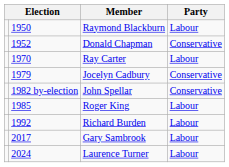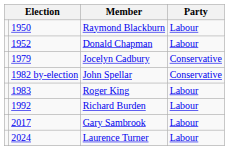 <table class="wikitable">
 <tr>
 <th colspan="2">Election</th>
 <th>Member</th>
 <th>Party</th>
 </tr>
 <tr>
 <td style="color:inherit;background-color: "></td>
 <td><a href='#'>1950</a></td>
 <td><a href='#'>Raymond Blackburn</a></td>
 <td><a href='#'>Labour</a></td>
 </tr>
 <tr>
 <td style="color:inherit;background-color: "></td>
 <td><a href='#'>1952</a></td>
 <td><a href='#'>Donald Chapman</a></td>
-<td><a href='#'>Conservative</a></td>
-</tr>
-<tr>
-<td style="color:inherit;background-color: "></td>
-<td><a href='#'>1970</a></td>
-<td><a href='#'>Ray Carter</a></td>
 <td><a href='#'>Labour</a></td>
 </tr>
 <tr>
 <td style="color:inherit;background-color: "></td>
 <td><a href='#'>1979</a></td>
 <td><a href='#'>Jocelyn Cadbury</a></td>
 <td><a href='#'>Conservative</a></td>
 </tr>
 <tr>
 <td style="color:inherit;background-color: "></td>
 <td><a href='#'>1982 by-election</a></td>
 <td><a href='#'>John Spellar</a></td>
 <td><a href='#'>Conservative</a></td>
 </tr>
 <tr>
 <td style="color:inherit;background-color: "></td>
-<td><a href='#'>1985</a></td>
+<td><a href='#'>1983</a></td>
 <td><a href='#'>Roger King</a></td>
 <td><a href='#'>Labour</a></td>
 </tr>
 <tr>
 <td style="color:inherit;background-color: "></td>
 <td><a href='#'>1992</a></td>
 <td><a href='#'>Richard Burden</a></td>
 <td><a href='#'>Labour</a></td>
 </tr>
 <tr>
 <td style="color:inherit;background-color: "></td>
 <td><a href='#'>2017</a></td>
 <td><a href='#'>Gary Sambrook</a></td>
 <td><a href='#'>Labour</a></td>
 </tr>
 <tr>
 <td style="color:inherit;background-color: "></td>
 <td><a href='#'>2024</a></td>
 <td><a href='#'>Laurence Turner</a></td>
 <td><a href='#'>Labour</a></td>
 </tr>
 </table>
